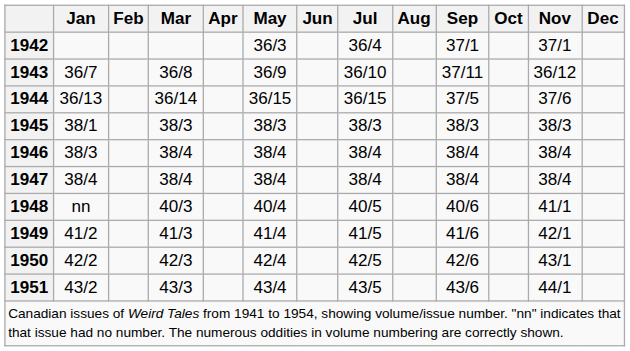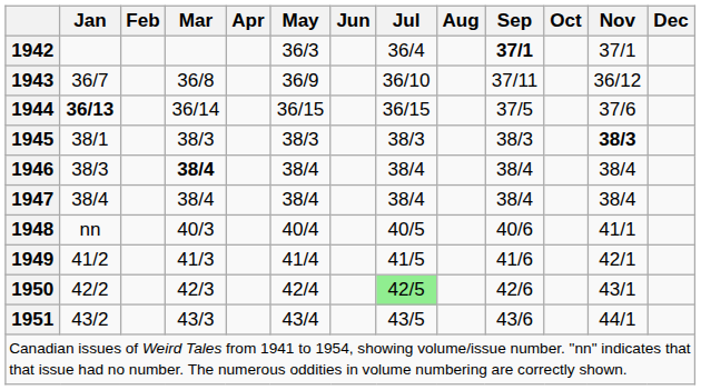 <table class="wikitable" style="font-size: 10pt; line-height: 11pt; margin-left: 2em; text-align: center; float: right">
 <tr>
 <th></th>
 <th>Jan</th>
 <th>Feb</th>
 <th>Mar</th>
 <th>Apr</th>
 <th>May</th>
 <th>Jun</th>
 <th>Jul</th>
 <th>Aug</th>
 <th>Sep</th>
 <th>Oct</th>
 <th>Nov</th>
 <th>Dec</th>
 </tr>
 <tr>
 <th>1942</th>
 <td></td>
 <td></td>
 <td></td>
 <td></td>
 <td>36/3</td>
 <td></td>
 <td>36/4</td>
 <td></td>
-<td>37/1</td>
+<td><strong>37/1</strong></td>
 <td></td>
 <td>37/1</td>
 <td></td>
 </tr>
 <tr>
 <th>1943</th>
 <td>36/7</td>
 <td></td>
 <td>36/8</td>
 <td></td>
 <td>36/9</td>
 <td></td>
 <td>36/10</td>
 <td></td>
 <td>37/11</td>
 <td></td>
 <td>36/12</td>
 <td></td>
 </tr>
 <tr>
 <th>1944</th>
-<td>36/13</td>
+<td><strong>36/13</strong></td>
 <td></td>
 <td>36/14</td>
 <td></td>
 <td>36/15</td>
 <td></td>
 <td>36/15</td>
 <td></td>
 <td>37/5</td>
 <td></td>
 <td>37/6</td>
 <td></td>
 </tr>
 <tr>
 <th>1945</th>
 <td>38/1</td>
 <td></td>
 <td>38/3</td>
 <td></td>
 <td>38/3</td>
 <td></td>
 <td>38/3</td>
 <td></td>
 <td>38/3</td>
 <td></td>
-<td>38/3</td>
+<td><strong>38/3</strong></td>
 <td></td>
 </tr>
 <tr>
 <th>1946</th>
 <td>38/3</td>
 <td></td>
-<td>38/4</td>
+<td><strong>38/4</strong></td>
 <td></td>
 <td>38/4</td>
 <td></td>
 <td>38/4</td>
 <td></td>
 <td>38/4</td>
 <td></td>
 <td>38/4</td>
 <td></td>
 </tr>
 <tr>
 <th>1947</th>
 <td>38/4</td>
 <td></td>
 <td>38/4</td>
 <td></td>
 <td>38/4</td>
 <td></td>
 <td>38/4</td>
 <td></td>
 <td>38/4</td>
 <td></td>
 <td>38/4</td>
 <td></td>
 </tr>
 <tr>
 <th>1948</th>
 <td>nn</td>
 <td></td>
 <td>40/3</td>
 <td></td>
 <td>40/4</td>
 <td></td>
 <td>40/5</td>
 <td></td>
 <td>40/6</td>
 <td></td>
 <td>41/1</td>
 <td></td>
 </tr>
 <tr>
 <th>1949</th>
 <td>41/2</td>
 <td></td>
 <td>41/3</td>
 <td></td>
 <td>41/4</td>
 <td></td>
 <td>41/5</td>
 <td></td>
 <td>41/6</td>
 <td></td>
 <td>42/1</td>
 <td></td>
 </tr>
 <tr>
 <th>1950</th>
 <td>42/2</td>
 <td></td>
 <td>42/3</td>
 <td></td>
 <td>42/4</td>
 <td></td>
-<td>42/5</td>
+<td style="background: lightgreen;">42/5</td>
 <td></td>
 <td>42/6</td>
 <td></td>
 <td>43/1</td>
 <td></td>
 </tr>
 <tr>
 <th>1951</th>
 <td>43/2</td>
 <td></td>
 <td>43/3</td>
 <td></td>
 <td>43/4</td>
 <td></td>
 <td>43/5</td>
 <td></td>
 <td>43/6</td>
 <td></td>
 <td>44/1</td>
 <td></td>
 </tr>
 <tr>
 <td colspan="13" style="font-size: 8pt; text-align:left">Canadian issues of <em>Weird Tales</em> from 1941 to 1954, showing volume/issue number.  "nn" indicates that<br>that issue had no number. The numerous oddities in volume numbering are correctly shown.</td>
 </tr>
 </table>
